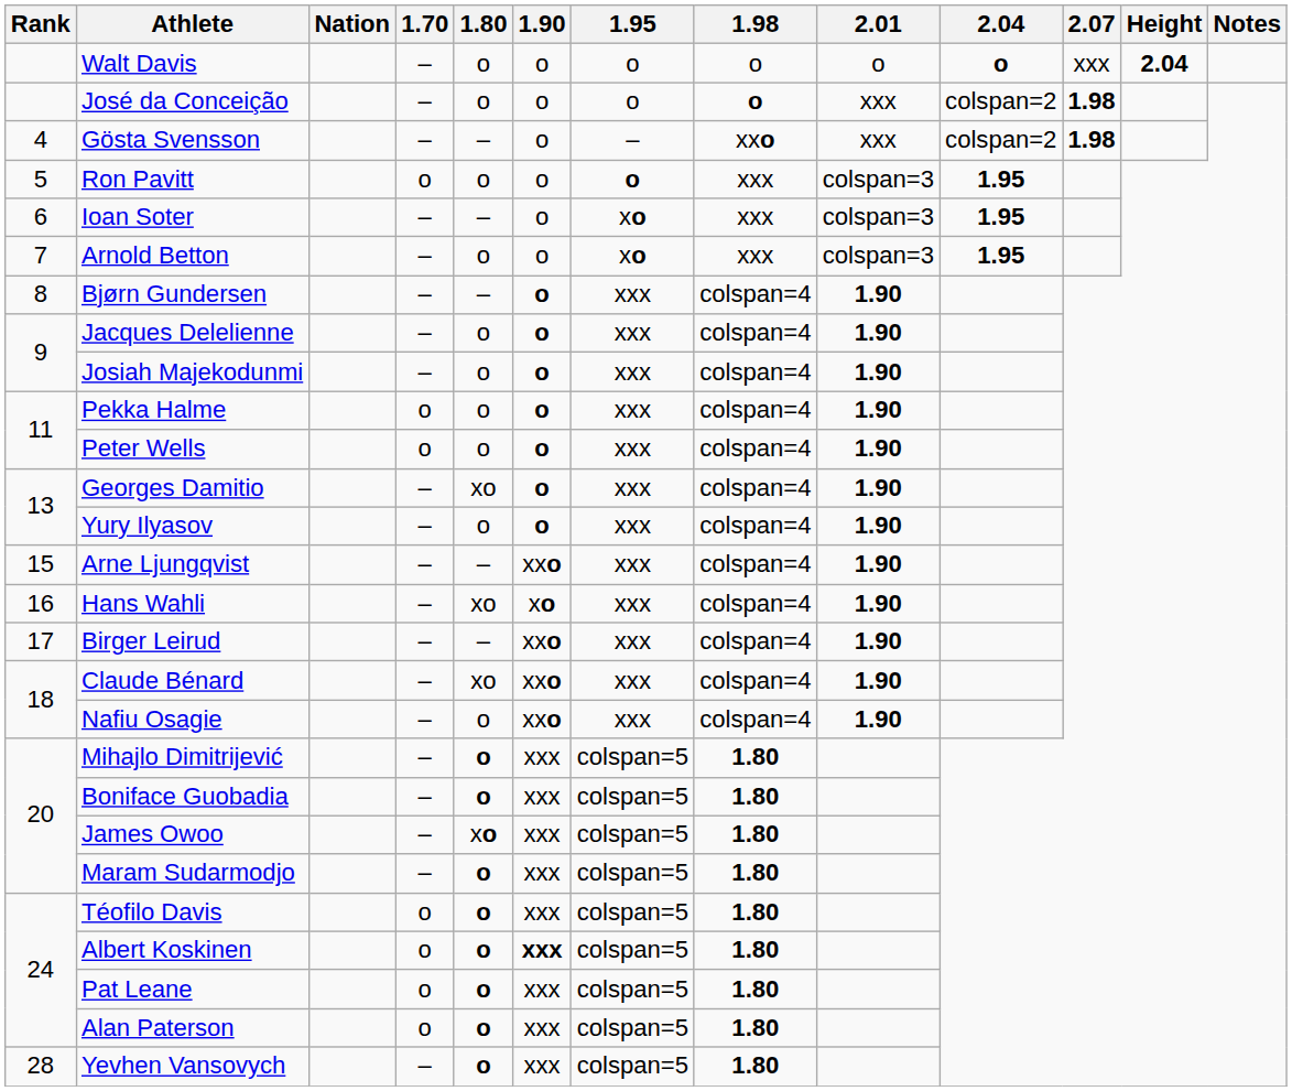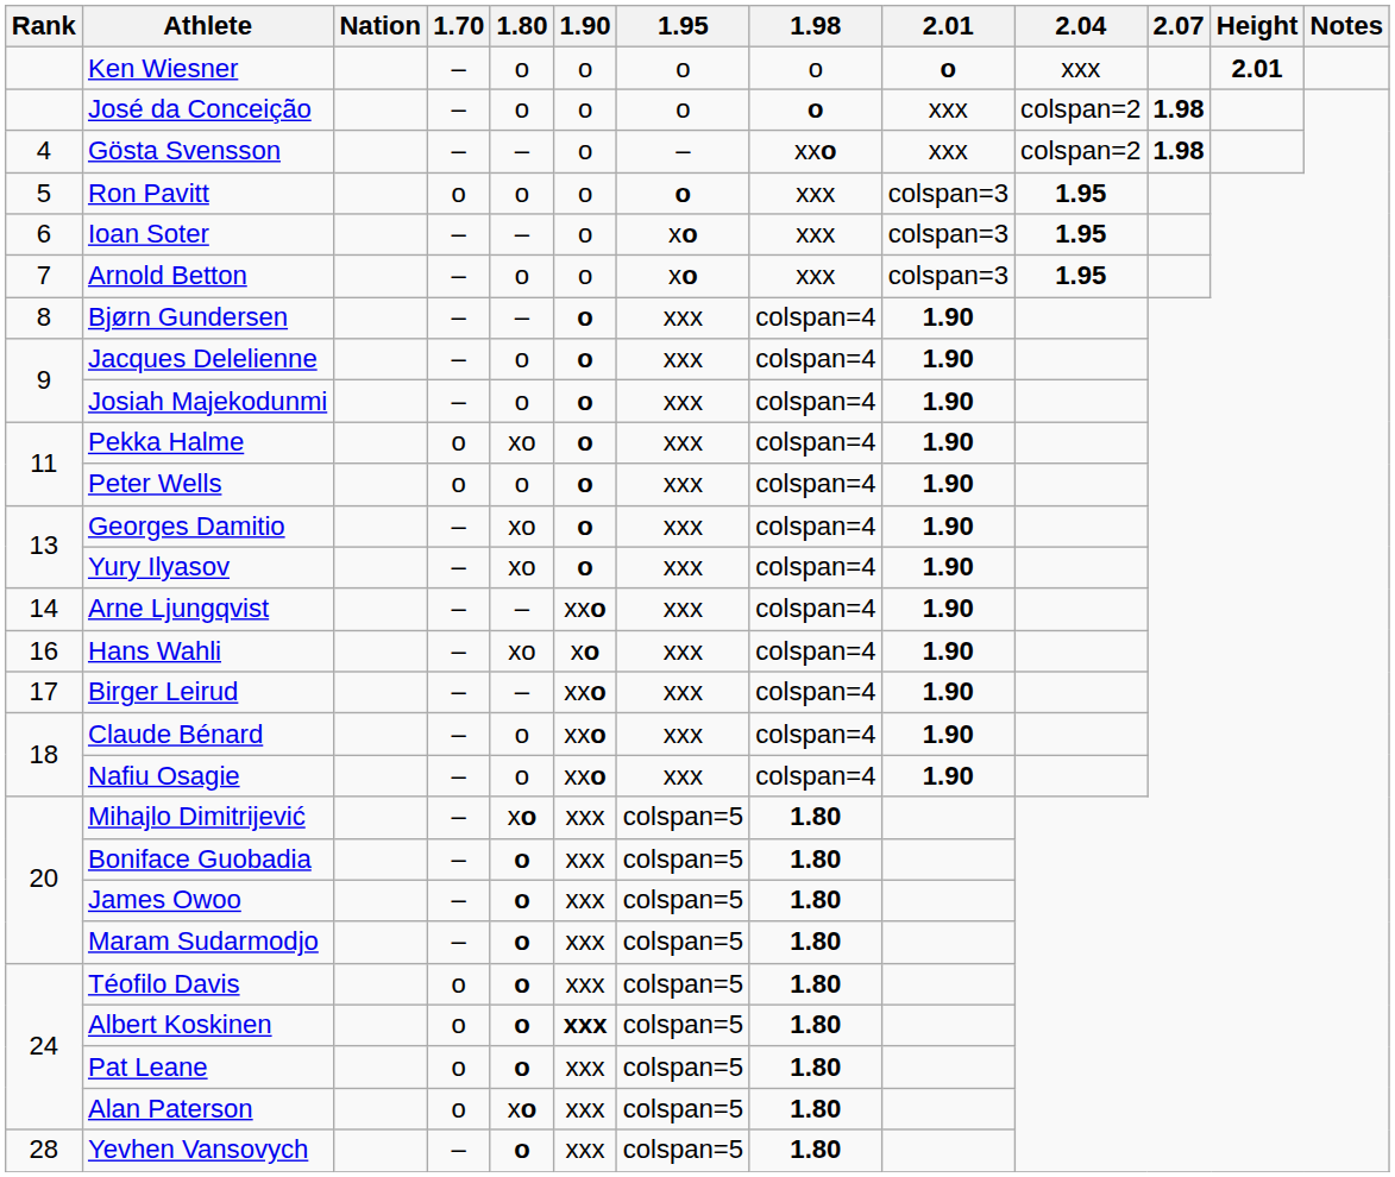 <table class="wikitable sortable" style="text-align:center">
 <tr>
 <th>Rank</th>
 <th>Athlete</th>
 <th>Nation</th>
 <th>1.70</th>
 <th>1.80</th>
 <th>1.90</th>
 <th>1.95</th>
 <th>1.98</th>
 <th>2.01</th>
 <th>2.04</th>
 <th>2.07</th>
 <th>Height</th>
 <th>Notes</th>
 </tr>
 <tr>
 <td></td>
-<td align="left"><a href='#'>Walt Davis</a></td>
+<td align="left"><a href='#'>Ken Wiesner</a></td>
 <td align="left"></td>
 <td>–</td>
 <td>o</td>
 <td>o</td>
 <td>o</td>
 <td>o</td>
-<td>o</td>
 <td><strong>o</strong></td>
 <td>xxx</td>
-<td><strong>2.04</strong></td>
+<td></td>
+<td><strong>2.01</strong></td>
 <td></td>
 </tr>
 <tr>
 <td></td>
 <td align="left"><a href='#'>José da Conceição</a></td>
 <td align="left"></td>
 <td>–</td>
 <td>o</td>
 <td>o</td>
 <td>o</td>
 <td><strong>o</strong></td>
 <td>xxx</td>
 <td>colspan=2 </td>
 <td><strong>1.98</strong></td>
 <td></td>
 </tr>
 <tr>
 <td>4</td>
 <td align="left"><a href='#'>Gösta Svensson</a></td>
 <td align="left"></td>
 <td>–</td>
 <td>–</td>
 <td>o</td>
 <td>–</td>
 <td>xx<strong>o</strong></td>
 <td>xxx</td>
 <td>colspan=2 </td>
 <td><strong>1.98</strong></td>
 <td></td>
 </tr>
 <tr>
 <td>5</td>
 <td align="left"><a href='#'>Ron Pavitt</a></td>
 <td align="left"></td>
 <td>o</td>
 <td>o</td>
 <td>o</td>
 <td><strong>o</strong></td>
 <td>xxx</td>
 <td>colspan=3 </td>
 <td><strong>1.95</strong></td>
 <td></td>
 </tr>
 <tr>
 <td>6</td>
 <td align="left"><a href='#'>Ioan Soter</a></td>
 <td align="left"></td>
 <td>–</td>
 <td>–</td>
 <td>o</td>
 <td>x<strong>o</strong></td>
 <td>xxx</td>
 <td>colspan=3 </td>
 <td><strong>1.95</strong></td>
 <td></td>
 </tr>
 <tr>
 <td>7</td>
 <td align="left"><a href='#'>Arnold Betton</a></td>
 <td align="left"></td>
 <td>–</td>
 <td>o</td>
 <td>o</td>
 <td>x<strong>o</strong></td>
 <td>xxx</td>
 <td>colspan=3 </td>
 <td><strong>1.95</strong></td>
 <td></td>
 </tr>
 <tr>
 <td>8</td>
 <td align="left"><a href='#'>Bjørn Gundersen</a></td>
 <td align="left"></td>
 <td>–</td>
 <td>–</td>
 <td><strong>o</strong></td>
 <td>xxx</td>
 <td>colspan=4 </td>
 <td><strong>1.90</strong></td>
 <td></td>
 </tr>
 <tr>
 <td rowspan=2>9</td>
 <td align="left"><a href='#'>Jacques Delelienne</a></td>
 <td align="left"></td>
 <td>–</td>
 <td>o</td>
 <td><strong>o</strong></td>
 <td>xxx</td>
 <td>colspan=4 </td>
 <td><strong>1.90</strong></td>
 <td></td>
 </tr>
 <tr>
 <td align="left"><a href='#'>Josiah Majekodunmi</a></td>
 <td align="left"></td>
 <td>–</td>
 <td>o</td>
 <td><strong>o</strong></td>
 <td>xxx</td>
 <td>colspan=4 </td>
 <td><strong>1.90</strong></td>
 <td></td>
 </tr>
 <tr>
 <td rowspan=2>11</td>
 <td align="left"><a href='#'>Pekka Halme</a></td>
 <td align="left"></td>
 <td>o</td>
-<td>o</td>
+<td>xo</td>
 <td><strong>o</strong></td>
 <td>xxx</td>
 <td>colspan=4 </td>
 <td><strong>1.90</strong></td>
 <td></td>
 </tr>
 <tr>
 <td align="left"><a href='#'>Peter Wells</a></td>
 <td align="left"></td>
 <td>o</td>
 <td>o</td>
 <td><strong>o</strong></td>
 <td>xxx</td>
 <td>colspan=4 </td>
 <td><strong>1.90</strong></td>
 <td></td>
 </tr>
 <tr>
 <td rowspan=2>13</td>
 <td align="left"><a href='#'>Georges Damitio</a></td>
 <td align="left"></td>
 <td>–</td>
 <td>xo</td>
 <td><strong>o</strong></td>
 <td>xxx</td>
 <td>colspan=4 </td>
 <td><strong>1.90</strong></td>
 <td></td>
 </tr>
 <tr>
 <td align="left"><a href='#'>Yury Ilyasov</a></td>
 <td align="left"></td>
 <td>–</td>
-<td>o</td>
+<td>xo</td>
 <td><strong>o</strong></td>
 <td>xxx</td>
 <td>colspan=4 </td>
 <td><strong>1.90</strong></td>
 <td></td>
 </tr>
 <tr>
-<td>15</td>
+<td>14</td>
 <td align="left"><a href='#'>Arne Ljungqvist</a></td>
 <td align="left"></td>
 <td>–</td>
 <td>–</td>
 <td>xx<strong>o</strong></td>
 <td>xxx</td>
 <td>colspan=4 </td>
 <td><strong>1.90</strong></td>
 <td></td>
 </tr>
 <tr>
 <td>16</td>
 <td align="left"><a href='#'>Hans Wahli</a></td>
 <td align="left"></td>
 <td>–</td>
 <td>xo</td>
 <td>x<strong>o</strong></td>
 <td>xxx</td>
 <td>colspan=4 </td>
 <td><strong>1.90</strong></td>
 <td></td>
 </tr>
 <tr>
 <td>17</td>
 <td align="left"><a href='#'>Birger Leirud</a></td>
 <td align="left"></td>
 <td>–</td>
 <td>–</td>
 <td>xx<strong>o</strong></td>
 <td>xxx</td>
 <td>colspan=4 </td>
 <td><strong>1.90</strong></td>
 <td></td>
 </tr>
 <tr>
 <td rowspan=2>18</td>
 <td align="left"><a href='#'>Claude Bénard</a></td>
 <td align="left"></td>
 <td>–</td>
-<td>xo</td>
+<td>o</td>
 <td>xx<strong>o</strong></td>
 <td>xxx</td>
 <td>colspan=4 </td>
 <td><strong>1.90</strong></td>
 <td></td>
 </tr>
 <tr>
 <td align="left"><a href='#'>Nafiu Osagie</a></td>
 <td align="left"></td>
 <td>–</td>
 <td>o</td>
 <td>xx<strong>o</strong></td>
 <td>xxx</td>
 <td>colspan=4 </td>
 <td><strong>1.90</strong></td>
 <td></td>
 </tr>
 <tr>
 <td rowspan=4>20</td>
 <td align="left"><a href='#'>Mihajlo Dimitrijević</a></td>
 <td align="left"></td>
 <td>–</td>
-<td><strong>o</strong></td>
+<td>x<strong>o</strong></td>
 <td>xxx</td>
 <td>colspan=5 </td>
 <td><strong>1.80</strong></td>
 <td></td>
 </tr>
 <tr>
 <td align="left"><a href='#'>Boniface Guobadia</a></td>
 <td align="left"></td>
 <td>–</td>
 <td><strong>o</strong></td>
 <td>xxx</td>
 <td>colspan=5 </td>
 <td><strong>1.80</strong></td>
 <td></td>
 </tr>
 <tr>
 <td align="left"><a href='#'>James Owoo</a></td>
 <td align="left"></td>
 <td>–</td>
-<td>x<strong>o</strong></td>
+<td><strong>o</strong></td>
 <td>xxx</td>
 <td>colspan=5 </td>
 <td><strong>1.80</strong></td>
 <td></td>
 </tr>
 <tr>
 <td align="left"><a href='#'>Maram Sudarmodjo</a></td>
 <td align="left"></td>
 <td>–</td>
 <td><strong>o</strong></td>
 <td>xxx</td>
 <td>colspan=5 </td>
 <td><strong>1.80</strong></td>
 <td></td>
 </tr>
 <tr>
 <td rowspan=4>24</td>
 <td align="left"><a href='#'>Téofilo Davis</a></td>
 <td align="left"></td>
 <td>o</td>
 <td><strong>o</strong></td>
 <td>xxx</td>
 <td>colspan=5 </td>
 <td><strong>1.80</strong></td>
 <td></td>
 </tr>
 <tr>
 <td align="left"><a href='#'>Albert Koskinen</a></td>
 <td align="left"></td>
 <td>o</td>
 <td><strong>o</strong></td>
 <td><strong>xxx</strong></td>
 <td>colspan=5 </td>
 <td><strong>1.80</strong></td>
 <td></td>
 </tr>
 <tr>
 <td align="left"><a href='#'>Pat Leane</a></td>
 <td align="left"></td>
 <td>o</td>
 <td><strong>o</strong></td>
 <td>xxx</td>
 <td>colspan=5 </td>
 <td><strong>1.80</strong></td>
 <td></td>
 </tr>
 <tr>
 <td align="left"><a href='#'>Alan Paterson</a></td>
 <td align="left"></td>
 <td>o</td>
-<td><strong>o</strong></td>
+<td>x<strong>o</strong></td>
 <td>xxx</td>
 <td>colspan=5 </td>
 <td><strong>1.80</strong></td>
 <td></td>
 </tr>
 <tr>
 <td>28</td>
 <td align="left"><a href='#'>Yevhen Vansovych</a></td>
 <td align="left"></td>
 <td>–</td>
 <td><strong>o</strong></td>
 <td>xxx</td>
 <td>colspan=5 </td>
 <td><strong>1.80</strong></td>
 <td></td>
 </tr>
 </table>
